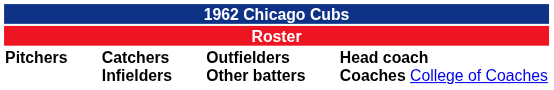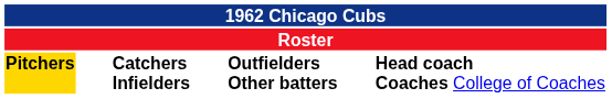 <table class="toccolours" style="font-size: 95%;">
 <tr>
 <th colspan="10" style="background-color: #0e3386; color: white; text-align: center;">1962 Chicago Cubs</th>
 </tr>
 <tr>
 <td colspan="10" style="background-color: #EE1422; color: white; text-align: center;"><strong>Roster</strong></td>
 </tr>
 <tr>
-<td valign="top"><strong>Pitchers</strong><br>                  </td>
+<td valign="top" style="background: gold;"><strong>Pitchers</strong><br>                  </td>
 <td width="25px"></td>
 <td valign="top"><strong>Catchers</strong><br>     <strong>Infielders</strong>        </td>
 <td width="25px"></td>
 <td valign="top"><strong>Outfielders</strong><br>         <strong>Other batters</strong>  </td>
 <td width="25px"></td>
 <td valign="top"><strong>Head coach</strong><br>   <strong>Coaches</strong> <a href='#'>College of Coaches</a></td>
 </tr>
 <tr>
 </tr>
 </table>
